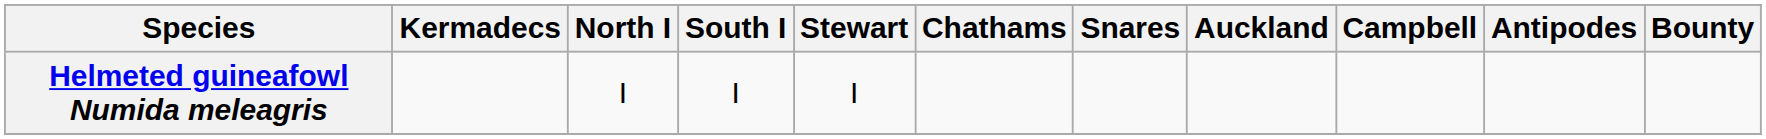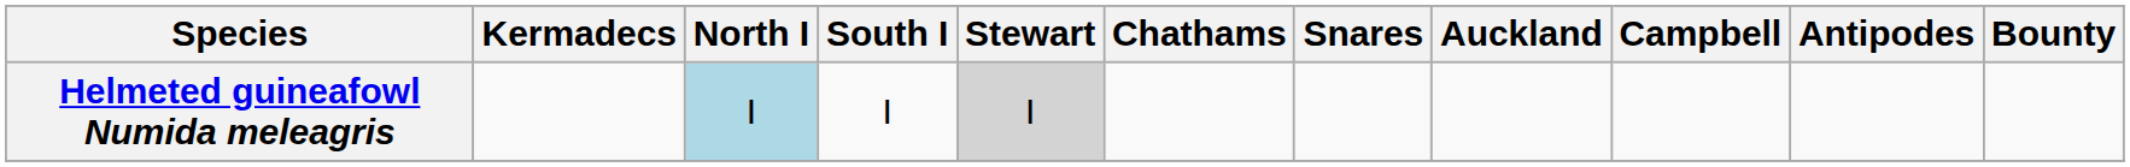 <table class="wikitable" style="text-align:center">
 <tr>
 <th width="200">Species</th>
 <th>Kermadecs</th>
 <th>North I</th>
 <th>South I</th>
 <th>Stewart</th>
 <th>Chathams</th>
 <th>Snares</th>
 <th>Auckland</th>
 <th>Campbell</th>
 <th>Antipodes</th>
 <th>Bounty</th>
 </tr>
 <tr>
 <th><a href='#'>Helmeted guineafowl</a><br><em>Numida meleagris</em></th>
 <td></td>
+<td style="background: lightblue;">I</td>
 <td>I</td>
-<td>I</td>
-<td>I</td>
+<td style="background: lightgrey;">I</td>
 <td></td>
 <td></td>
 <td></td>
 <td></td>
 <td></td>
 <td></td>
 </tr>
 <tr>
 </tr>
 </table>
